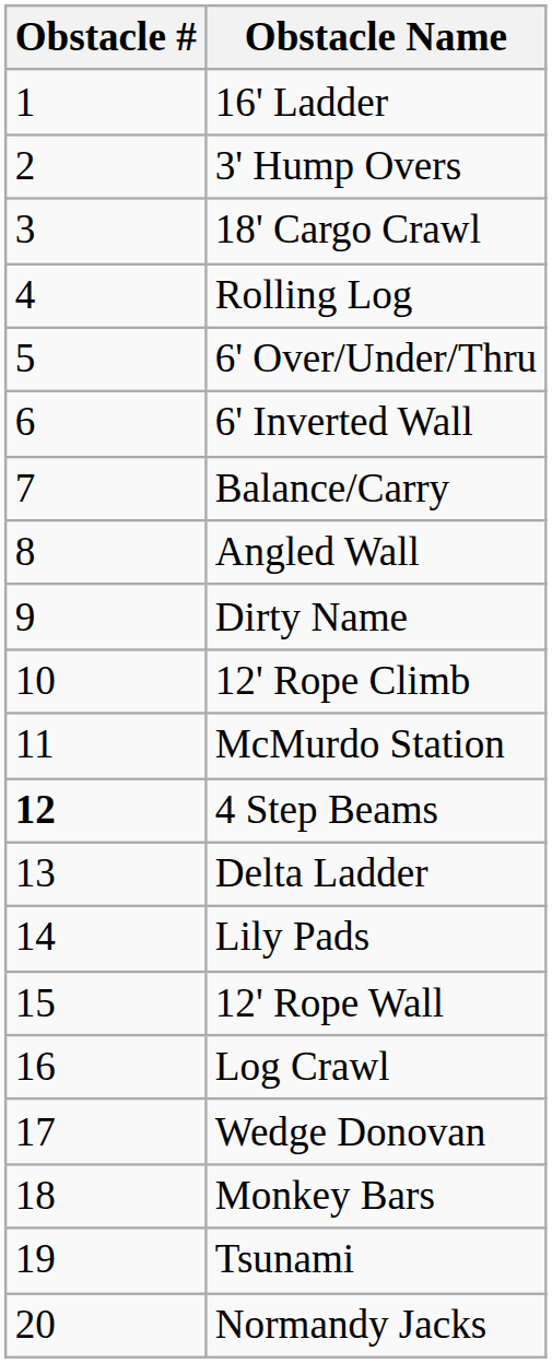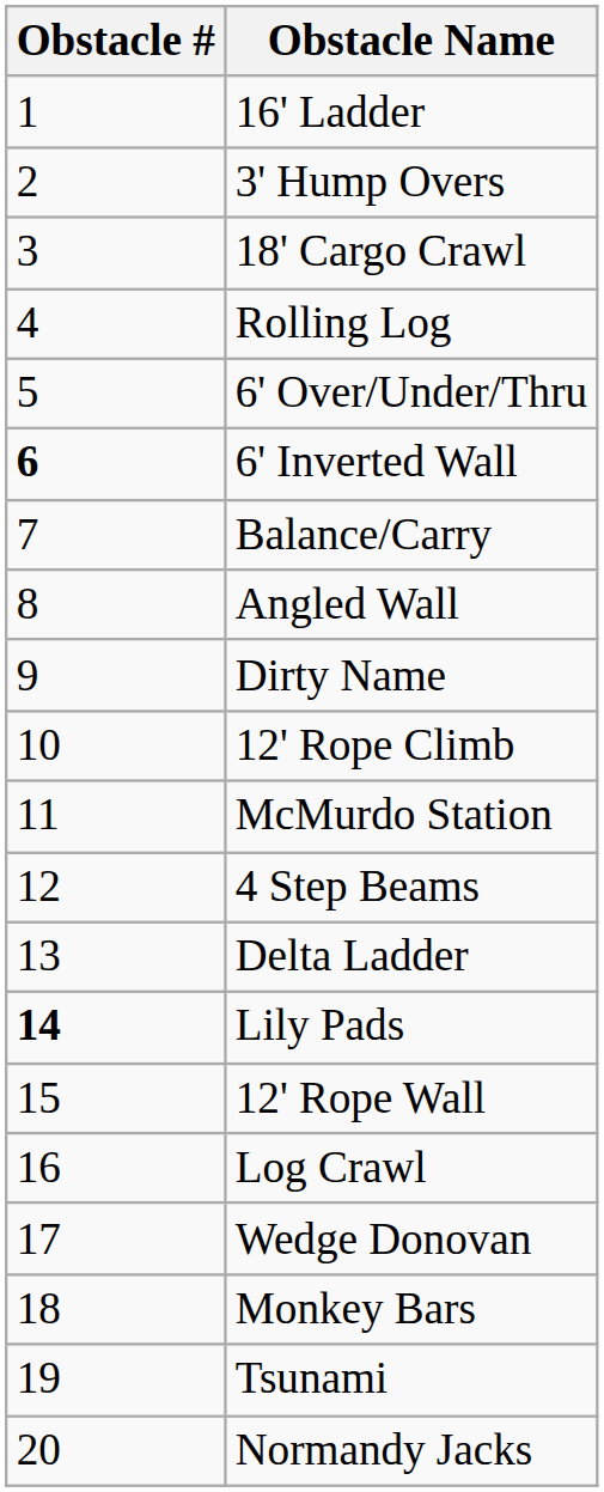 <table class="wikitable">
 <tr>
 <th>Obstacle #</th>
 <th>Obstacle Name</th>
 </tr>
 <tr>
 <td>1</td>
 <td>16' Ladder</td>
 </tr>
 <tr>
 <td>2</td>
 <td>3' Hump Overs</td>
 </tr>
 <tr>
 <td>3</td>
 <td>18' Cargo Crawl</td>
 </tr>
 <tr>
 <td>4</td>
 <td>Rolling Log</td>
 </tr>
 <tr>
 <td>5</td>
 <td>6' Over/Under/Thru</td>
 </tr>
 <tr>
-<td>6</td>
+<td><strong>6</strong></td>
 <td>6' Inverted Wall</td>
 </tr>
 <tr>
 <td>7</td>
 <td>Balance/Carry</td>
 </tr>
 <tr>
 <td>8</td>
 <td>Angled Wall</td>
 </tr>
 <tr>
 <td>9</td>
 <td>Dirty Name</td>
 </tr>
 <tr>
 <td>10</td>
 <td>12' Rope Climb</td>
 </tr>
 <tr>
 <td>11</td>
 <td>McMurdo Station</td>
 </tr>
 <tr>
-<td><strong>12</strong></td>
+<td>12</td>
 <td>4 Step Beams</td>
 </tr>
 <tr>
 <td>13</td>
 <td>Delta Ladder</td>
 </tr>
 <tr>
-<td>14</td>
+<td><strong>14</strong></td>
 <td>Lily Pads</td>
 </tr>
 <tr>
 <td>15</td>
 <td>12' Rope Wall</td>
 </tr>
 <tr>
 <td>16</td>
 <td>Log Crawl</td>
 </tr>
 <tr>
 <td>17</td>
 <td>Wedge Donovan</td>
 </tr>
 <tr>
 <td>18</td>
 <td>Monkey Bars</td>
 </tr>
 <tr>
 <td>19</td>
 <td>Tsunami</td>
 </tr>
 <tr>
 <td>20</td>
 <td>Normandy Jacks</td>
 </tr>
 </table>
